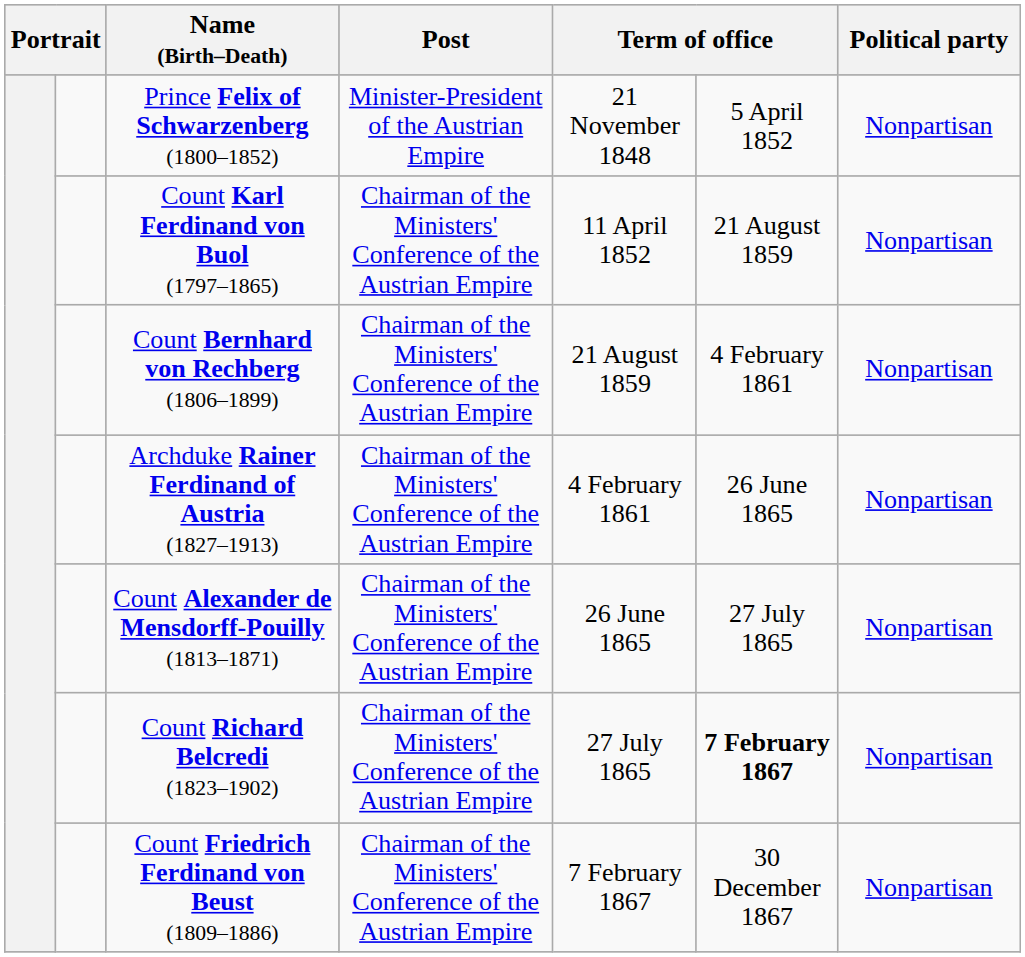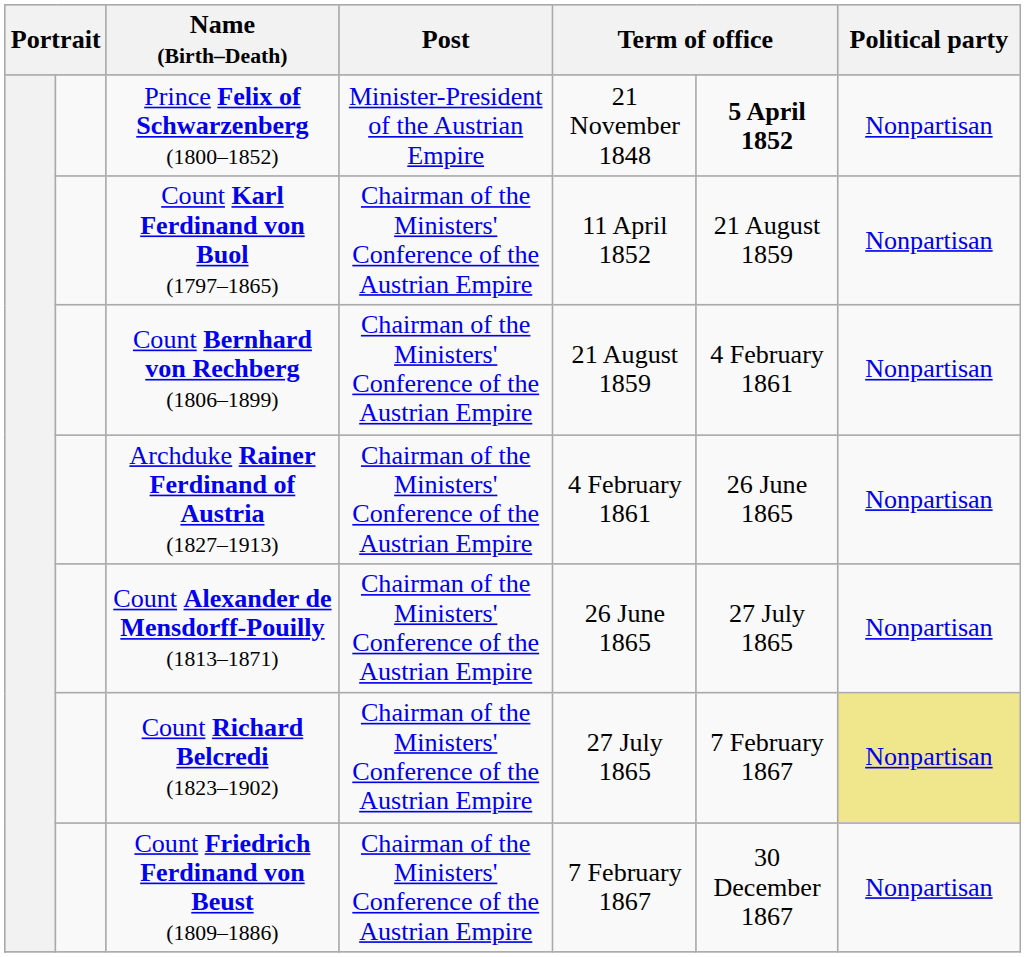 <table class="wikitable" style="text-align: center;width:100%;">
 <tr>
 <th width=70 colspan=2>Portrait</th>
 <th width=25%>Name<br><small>(Birth–Death)</small></th>
 <th width=25%>Post</th>
 <th width=30% colspan=2>Term of office</th>
 <th width=25%>Political party</th>
 </tr>
 <tr>
 <th rowspan=7 style="background:"></th>
 <td></td>
 <td><a href='#'>Prince</a> <strong><a href='#'>Felix of Schwarzenberg</a></strong><br><small>(1800–1852)</small></td>
 <td><a href='#'>Minister-President of the Austrian Empire</a></td>
 <td>21 November 1848</td>
-<td>5 April 1852</td>
+<td><strong>5 April 1852</strong></td>
 <td><a href='#'>Nonpartisan</a></td>
 </tr>
 <tr>
 <td></td>
 <td><a href='#'>Count</a> <strong><a href='#'>Karl Ferdinand von Buol</a></strong><br><small>(1797–1865)</small></td>
 <td><a href='#'>Chairman of the Ministers' Conference of the Austrian Empire</a></td>
 <td>11 April 1852</td>
 <td>21 August 1859</td>
 <td><a href='#'>Nonpartisan</a></td>
 </tr>
 <tr>
 <td></td>
 <td><a href='#'>Count</a> <strong><a href='#'>Bernhard von Rechberg</a></strong><br><small>(1806–1899)</small></td>
 <td><a href='#'>Chairman of the Ministers' Conference of the Austrian Empire</a></td>
 <td>21 August 1859</td>
 <td>4 February 1861</td>
 <td><a href='#'>Nonpartisan</a></td>
 </tr>
 <tr>
 <td></td>
 <td><a href='#'>Archduke</a> <strong><a href='#'>Rainer Ferdinand of Austria</a></strong><br><small>(1827–1913)</small></td>
 <td><a href='#'>Chairman of the Ministers' Conference of the Austrian Empire</a></td>
 <td>4 February 1861</td>
 <td>26 June 1865</td>
 <td><a href='#'>Nonpartisan</a></td>
 </tr>
 <tr>
 <td></td>
 <td><a href='#'>Count</a> <strong><a href='#'>Alexander de Mensdorff-Pouilly</a></strong><br><small>(1813–1871)</small></td>
 <td><a href='#'>Chairman of the Ministers' Conference of the Austrian Empire</a></td>
 <td>26 June 1865</td>
 <td>27 July 1865</td>
 <td><a href='#'>Nonpartisan</a></td>
 </tr>
 <tr>
 <td></td>
 <td><a href='#'>Count</a> <strong><a href='#'>Richard Belcredi</a></strong><br><small>(1823–1902)</small></td>
 <td><a href='#'>Chairman of the Ministers' Conference of the Austrian Empire</a></td>
 <td>27 July 1865</td>
-<td><strong>7 February 1867</strong></td>
-<td><a href='#'>Nonpartisan</a></td>
+<td>7 February 1867</td>
+<td style="background: khaki;"><a href='#'>Nonpartisan</a></td>
 </tr>
 <tr>
 <td></td>
 <td><a href='#'>Count</a> <strong><a href='#'>Friedrich Ferdinand von Beust</a></strong><br><small>(1809–1886)</small></td>
 <td><a href='#'>Chairman of the Ministers' Conference of the Austrian Empire</a></td>
 <td>7 February 1867</td>
 <td>30 December 1867</td>
 <td><a href='#'>Nonpartisan</a></td>
 </tr>
 </table>
